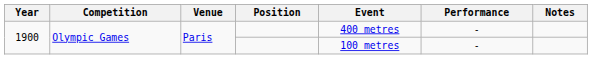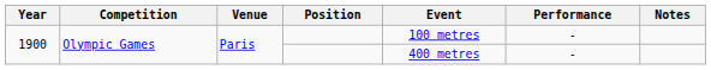 <table class="wikitable" width=55% style="font-size:90%; text-align:center;">
 <tr>
 <th>Year</th>
 <th>Competition</th>
 <th>Venue</th>
 <th>Position</th>
 <th>Event</th>
 <th>Performance</th>
 <th>Notes</th>
 </tr>
 <tr>
 <td rowspan=2>1900</td>
 <td rowspan=2 align=left><a href='#'>Olympic Games</a></td>
 <td rowspan=2 align=left> <a href='#'>Paris</a></td>
 <td></td>
-<td><a href='#'>400 metres</a></td>
+<td><a href='#'>100 metres</a></td>
 <td>-</td>
 <td></td>
 </tr>
 <tr>
 <td></td>
-<td><a href='#'>100 metres</a></td>
+<td><a href='#'>400 metres</a></td>
 <td>-</td>
 <td></td>
 </tr>
 </table>
